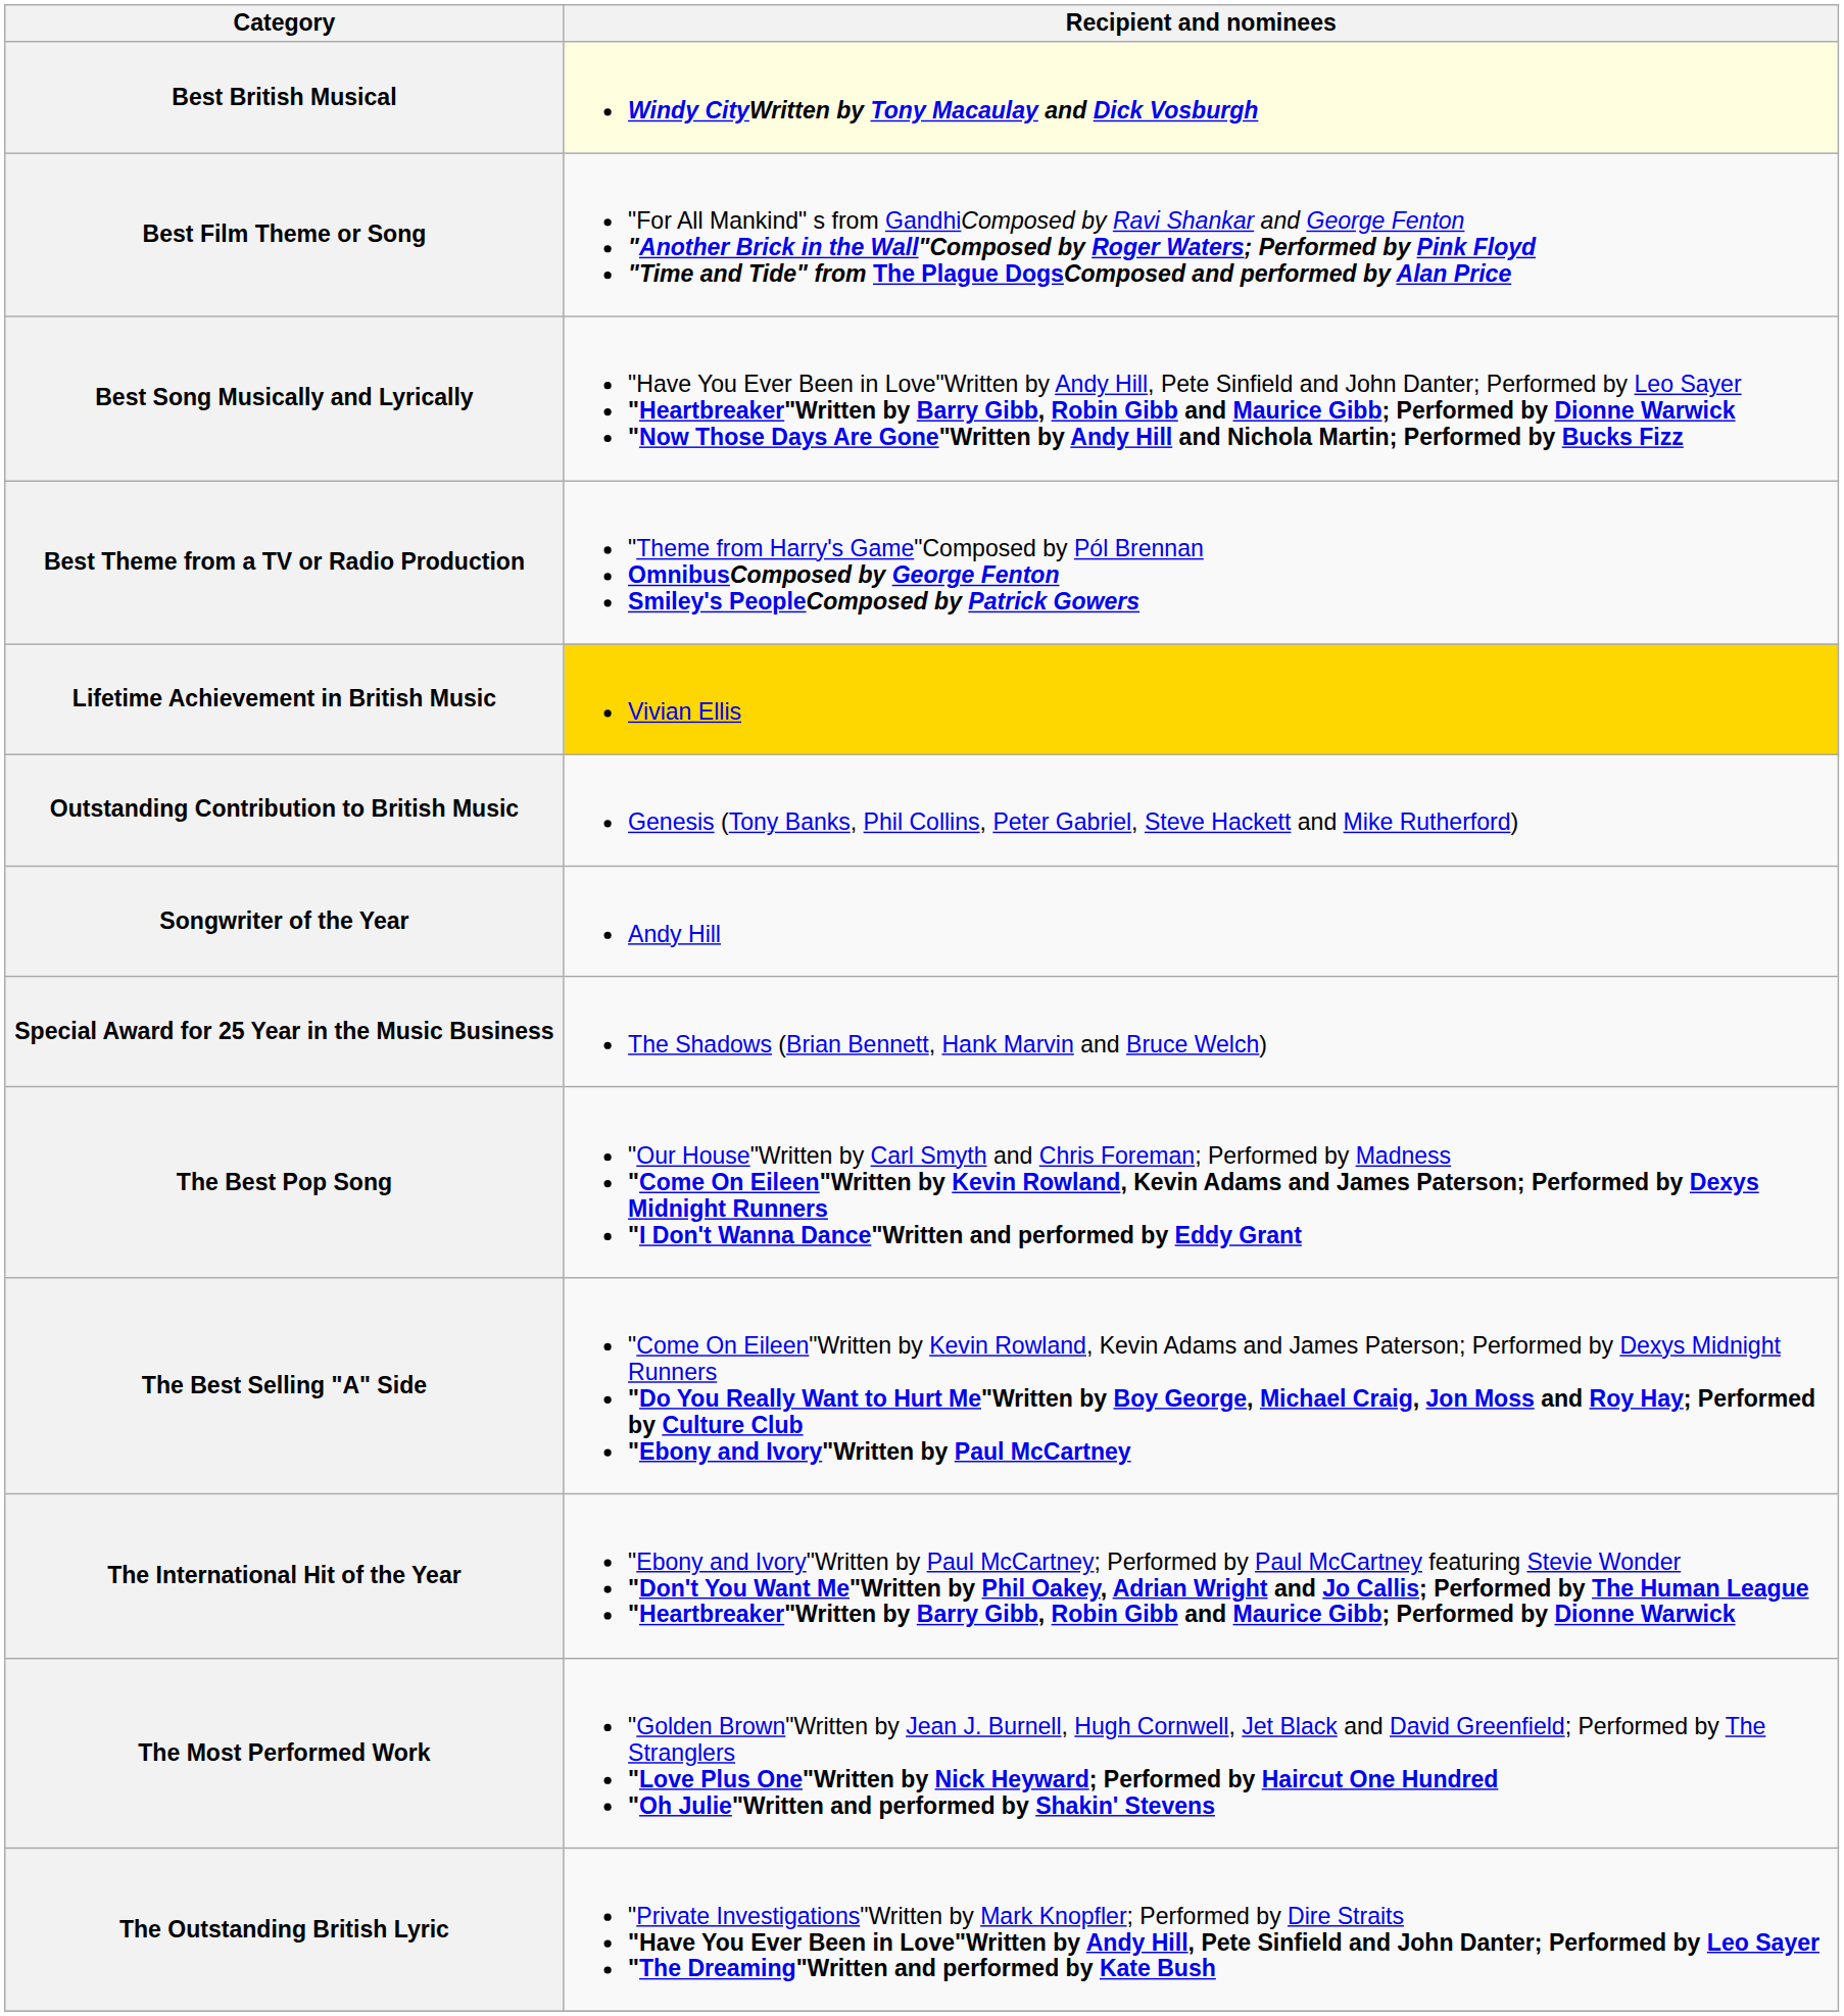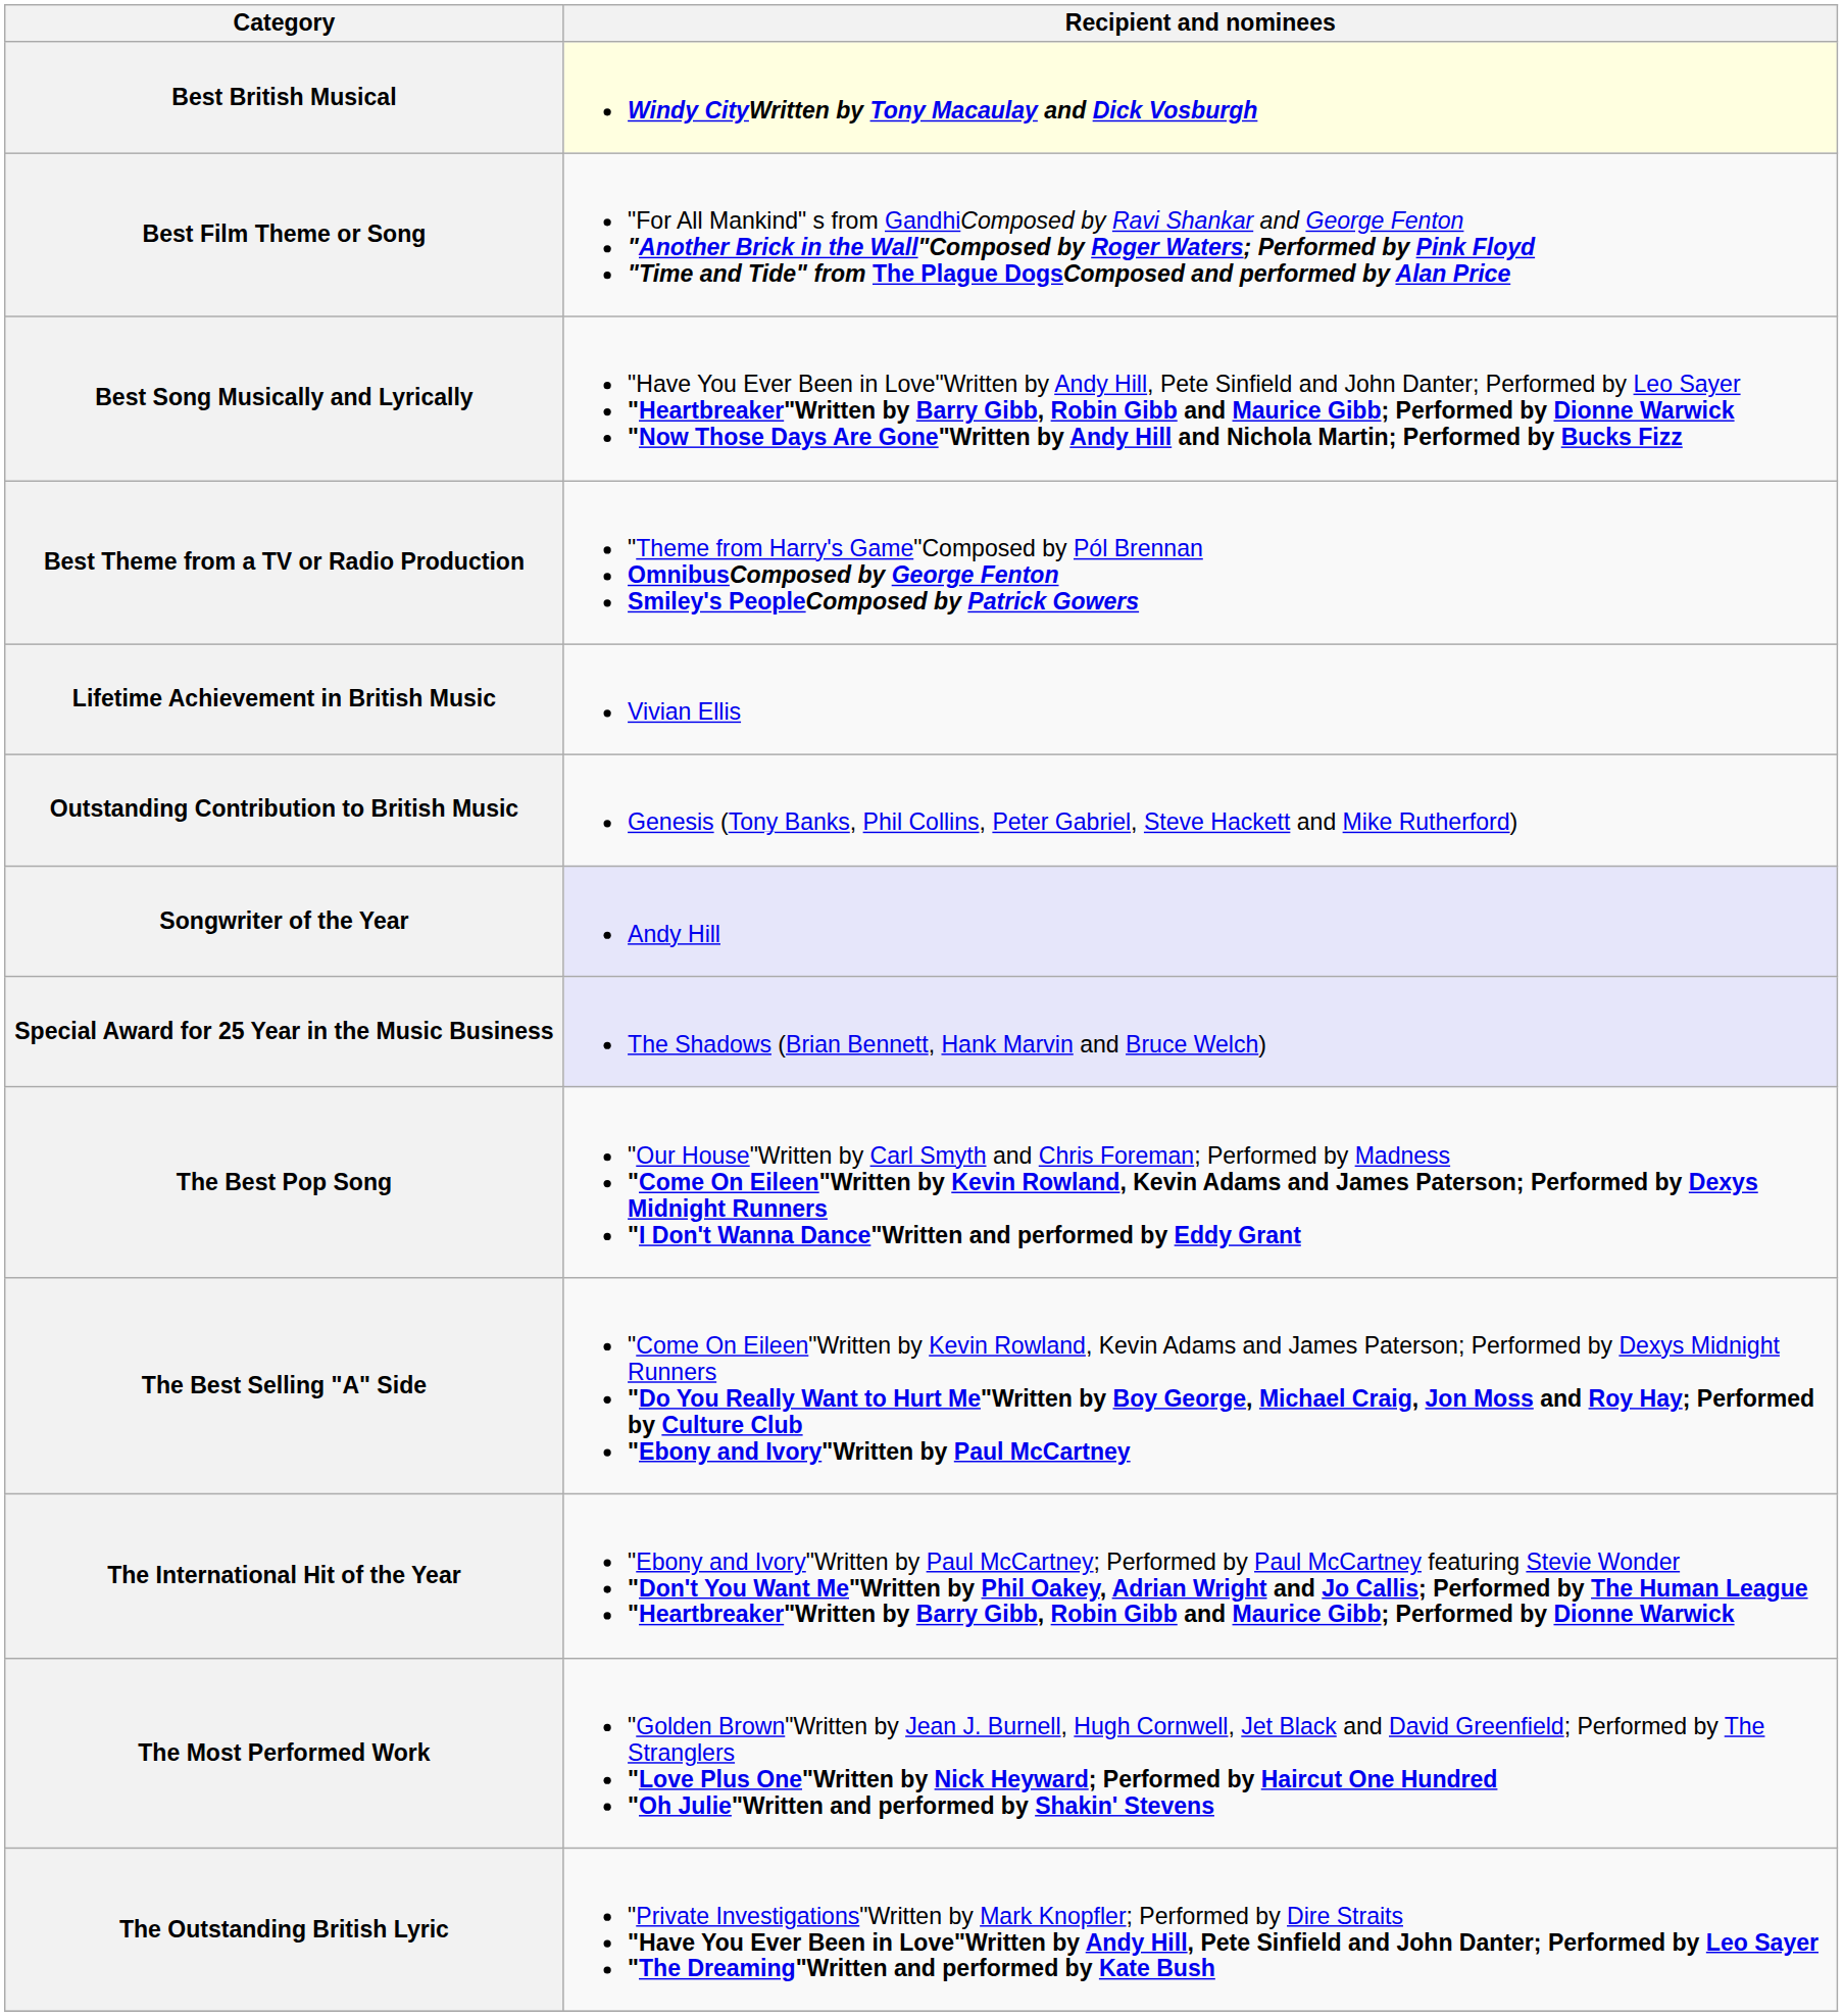 <table class="wikitable">
 <tr>
 <th width="25%">Category</th>
 <th width="57%">Recipient and nominees</th>
 </tr>
 <tr>
 <th scope="row">Best British Musical</th>
 <td style="background: lightyellow;"><br><ul><li><strong><em><a href='#'>Windy City</a><em>Written by <a href='#'>Tony Macaulay</a> and <a href='#'>Dick Vosburgh</a><strong></li></ul></td>
 </tr>
 <tr>
 <th scope="row">Best Film Theme or Song</th>
 <td><br><ul><li></strong>"For All Mankind" s from </em><a href='#'>Gandhi</a><em>Composed by <a href='#'>Ravi Shankar</a> and <a href='#'>George Fenton</a><strong></li><li>"<a href='#'>Another Brick in the Wall</a>"Composed by <a href='#'>Roger Waters</a>; Performed by <a href='#'>Pink Floyd</a></li><li>"Time and Tide" from </em><a href='#'>The Plague Dogs</a><em>Composed and performed by <a href='#'>Alan Price</a></li></ul></td>
 </tr>
 <tr>
 <th scope="row">Best Song Musically and Lyrically</th>
 <td><br><ul><li></strong>"Have You Ever Been in Love"Written by <a href='#'>Andy Hill</a>, Pete Sinfield and John Danter; Performed by <a href='#'>Leo Sayer</a><strong></li><li>"<a href='#'>Heartbreaker</a>"Written by <a href='#'>Barry Gibb</a>, <a href='#'>Robin Gibb</a> and <a href='#'>Maurice Gibb</a>; Performed by <a href='#'>Dionne Warwick</a></li><li>"<a href='#'>Now Those Days Are Gone</a>"Written by <a href='#'>Andy Hill</a> and Nichola Martin; Performed by <a href='#'>Bucks Fizz</a></li></ul></td>
 </tr>
 <tr>
 <th scope="row">Best Theme from a TV or Radio Production</th>
 <td><br><ul><li></strong>"<a href='#'>Theme from Harry's Game</a>"Composed by <a href='#'>Pól Brennan</a><strong></li><li></em><a href='#'>Omnibus</a><em>Composed by <a href='#'>George Fenton</a></li><li></em><a href='#'>Smiley's People</a><em>Composed by <a href='#'>Patrick Gowers</a></li></ul></td>
 </tr>
 <tr>
 <th scope="row">Lifetime Achievement in British Music</th>
-<td style="background: gold;"><br><ul><li></strong><a href='#'>Vivian Ellis</a><strong></li></ul></td>
+<td><br><ul><li></strong><a href='#'>Vivian Ellis</a><strong></li></ul></td>
 </tr>
 <tr>
 <th scope="row">Outstanding Contribution to British Music</th>
 <td><br><ul><li></strong><a href='#'>Genesis</a> (<a href='#'>Tony Banks</a>, <a href='#'>Phil Collins</a>, <a href='#'>Peter Gabriel</a>, <a href='#'>Steve Hackett</a> and <a href='#'>Mike Rutherford</a>)<strong></li></ul></td>
 </tr>
 <tr>
 <th scope="row">Songwriter of the Year</th>
-<td><br><ul><li></strong><a href='#'>Andy Hill</a><strong></li></ul></td>
+<td style="background: lavender;"><br><ul><li></strong><a href='#'>Andy Hill</a><strong></li></ul></td>
 </tr>
 <tr>
 <th scope="row">Special Award for 25 Year in the Music Business</th>
-<td><br><ul><li></strong><a href='#'>The Shadows</a> (<a href='#'>Brian Bennett</a>, <a href='#'>Hank Marvin</a> and <a href='#'>Bruce Welch</a>)<strong></li></ul></td>
+<td style="background: lavender;"><br><ul><li></strong><a href='#'>The Shadows</a> (<a href='#'>Brian Bennett</a>, <a href='#'>Hank Marvin</a> and <a href='#'>Bruce Welch</a>)<strong></li></ul></td>
 </tr>
 <tr>
 <th scope="row">The Best Pop Song</th>
 <td><br><ul><li></strong>"<a href='#'>Our House</a>"Written by <a href='#'>Carl Smyth</a> and <a href='#'>Chris Foreman</a>; Performed by <a href='#'>Madness</a><strong></li><li>"<a href='#'>Come On Eileen</a>"Written by <a href='#'>Kevin Rowland</a>, Kevin Adams and James Paterson; Performed by <a href='#'>Dexys Midnight Runners</a></li><li>"<a href='#'>I Don't Wanna Dance</a>"Written and performed by <a href='#'>Eddy Grant</a></li></ul></td>
 </tr>
 <tr>
 <th scope="row">The Best Selling "A" Side</th>
 <td><br><ul><li></strong>"<a href='#'>Come On Eileen</a>"Written by <a href='#'>Kevin Rowland</a>, Kevin Adams and James Paterson; Performed by <a href='#'>Dexys Midnight Runners</a><strong></li><li>"<a href='#'>Do You Really Want to Hurt Me</a>"Written by <a href='#'>Boy George</a>, <a href='#'>Michael Craig</a>, <a href='#'>Jon Moss</a> and <a href='#'>Roy Hay</a>; Performed by <a href='#'>Culture Club</a></li><li>"<a href='#'>Ebony and Ivory</a>"Written by <a href='#'>Paul McCartney</a></li></ul></td>
 </tr>
 <tr>
 <th scope="row">The International Hit of the Year</th>
 <td><br><ul><li></strong>"<a href='#'>Ebony and Ivory</a>"Written by <a href='#'>Paul McCartney</a>; Performed by <a href='#'>Paul McCartney</a> featuring <a href='#'>Stevie Wonder</a><strong></li><li>"<a href='#'>Don't You Want Me</a>"Written by <a href='#'>Phil Oakey</a>, <a href='#'>Adrian Wright</a> and <a href='#'>Jo Callis</a>; Performed by <a href='#'>The Human League</a></li><li>"<a href='#'>Heartbreaker</a>"Written by <a href='#'>Barry Gibb</a>, <a href='#'>Robin Gibb</a> and <a href='#'>Maurice Gibb</a>; Performed by <a href='#'>Dionne Warwick</a></li></ul></td>
 </tr>
 <tr>
 <th scope="row">The Most Performed Work</th>
 <td><br><ul><li></strong>"<a href='#'>Golden Brown</a>"Written by <a href='#'>Jean J. Burnell</a>, <a href='#'>Hugh Cornwell</a>, <a href='#'>Jet Black</a> and <a href='#'>David Greenfield</a>; Performed by <a href='#'>The Stranglers</a><strong></li><li>"<a href='#'>Love Plus One</a>"Written by <a href='#'>Nick Heyward</a>; Performed by <a href='#'>Haircut One Hundred</a></li><li>"<a href='#'>Oh Julie</a>"Written and performed by <a href='#'>Shakin' Stevens</a></li></ul></td>
 </tr>
 <tr>
 <th scope="row">The Outstanding British Lyric</th>
 <td><br><ul><li></strong>"<a href='#'>Private Investigations</a>"Written by <a href='#'>Mark Knopfler</a>; Performed by <a href='#'>Dire Straits</a><strong></li><li>"Have You Ever Been in Love"Written by <a href='#'>Andy Hill</a>, Pete Sinfield and John Danter; Performed by <a href='#'>Leo Sayer</a></li><li>"<a href='#'>The Dreaming</a>"Written and performed by <a href='#'>Kate Bush</a></li></ul></td>
 </tr>
 <tr>
 </tr>
 </table>
